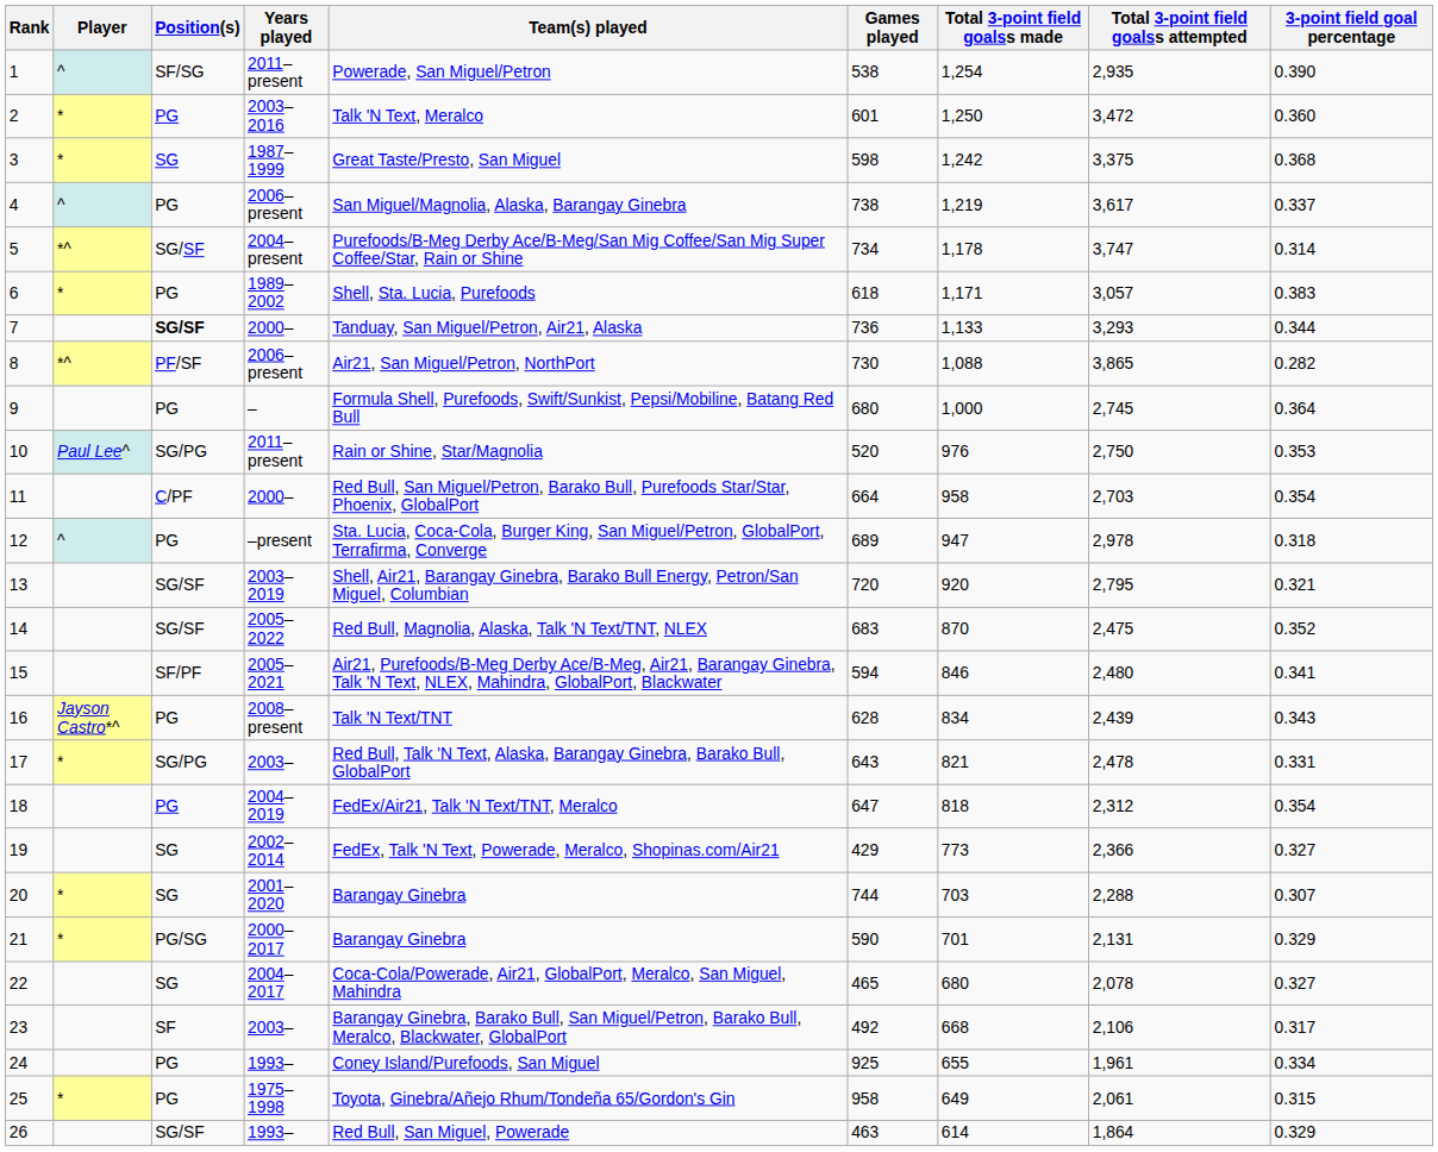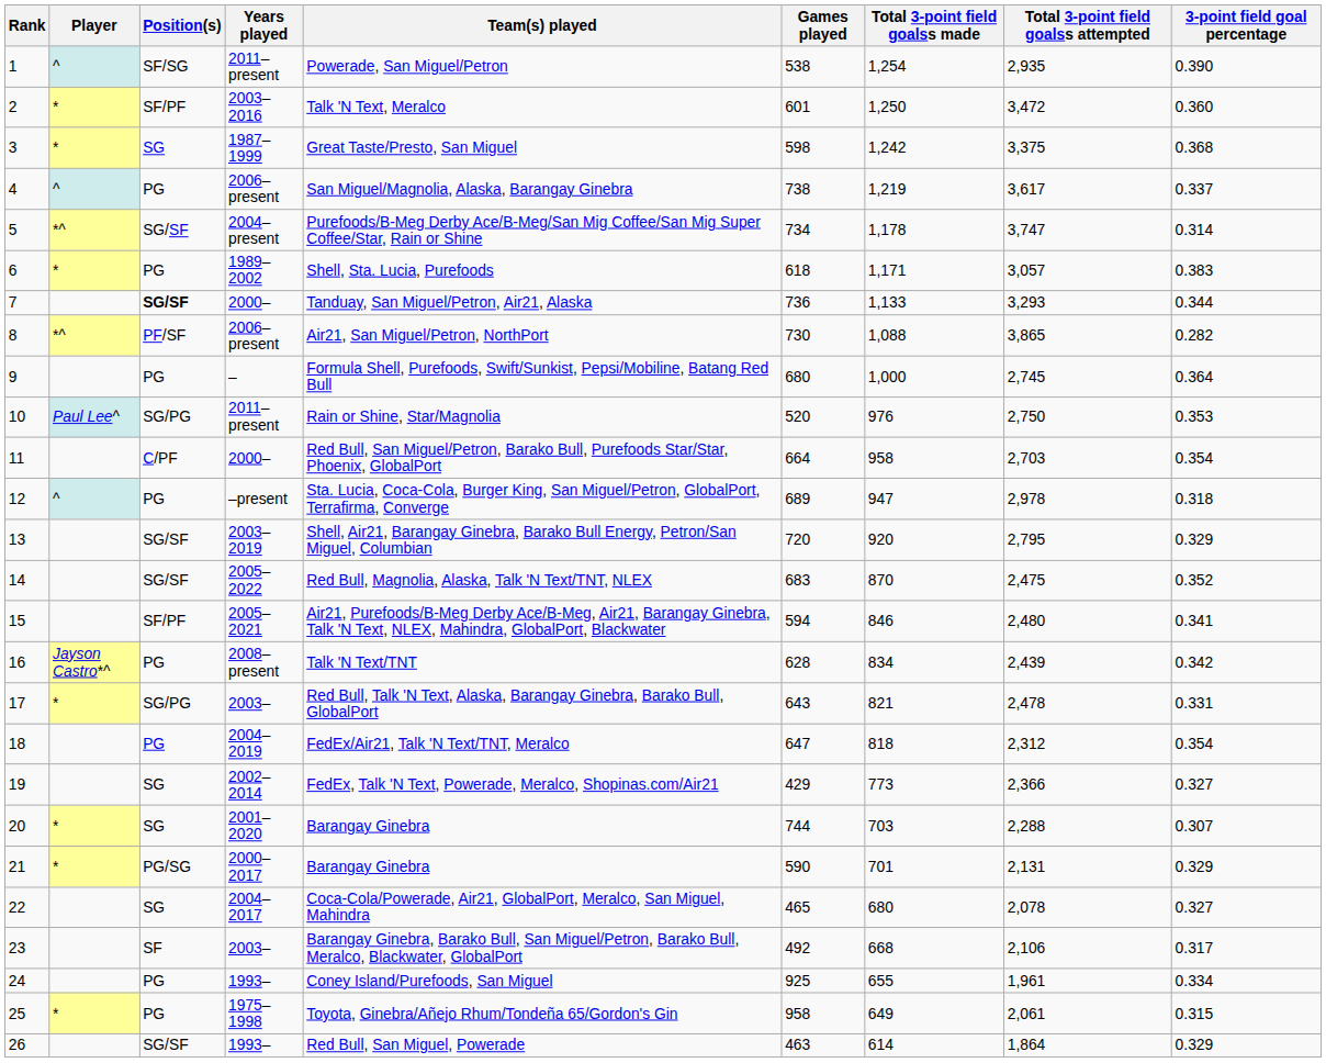 <table class="wikitable sortable" style="font-size: 90%;">
 <tr>
 <th>Rank</th>
 <th>Player</th>
 <th><a href='#'>Position</a>(s)</th>
 <th>Years played</th>
 <th class="unsortable">Team(s) played</th>
 <th>Games played</th>
 <th>Total <a href='#'>3-point field goals</a>s made</th>
 <th>Total <a href='#'>3-point field goals</a>s attempted</th>
 <th><a href='#'>3-point field goal</a> percentage</th>
 </tr>
 <tr>
 <td>1</td>
 <td bgcolor="#CFECEC"><em></em>^</td>
 <td>SF/SG</td>
 <td><a href='#'>2011</a>–present</td>
 <td><a href='#'>Powerade</a>, <a href='#'>San Miguel/Petron</a></td>
 <td>538</td>
 <td>1,254</td>
 <td>2,935</td>
 <td>0.390</td>
 </tr>
 <tr>
 <td>2</td>
 <td style="background:#FFFF99">*</td>
-<td><a href='#'>PG</a></td>
+<td>SF/PF</td>
 <td><a href='#'>2003</a>–<a href='#'>2016</a></td>
 <td><a href='#'>Talk 'N Text</a>, <a href='#'>Meralco</a></td>
 <td>601</td>
 <td>1,250</td>
 <td>3,472</td>
 <td>0.360</td>
 </tr>
 <tr>
 <td>3</td>
 <td bgcolor="#FFFF99">*</td>
 <td><a href='#'>SG</a></td>
 <td><a href='#'>1987</a>–<a href='#'>1999</a></td>
 <td><a href='#'>Great Taste/Presto</a>, <a href='#'>San Miguel</a></td>
 <td>598</td>
 <td>1,242</td>
 <td>3,375</td>
 <td>0.368</td>
 </tr>
 <tr>
 <td>4</td>
 <td bgcolor="CFECEC"><em></em>^</td>
 <td>PG</td>
 <td><a href='#'>2006</a>–present</td>
 <td><a href='#'>San Miguel/Magnolia</a>, <a href='#'>Alaska</a>, <a href='#'>Barangay Ginebra</a></td>
 <td>738</td>
 <td>1,219</td>
 <td>3,617</td>
 <td>0.337</td>
 </tr>
 <tr>
 <td>5</td>
 <td style="background:#FFFF99"><em></em>*^</td>
 <td>SG/<a href='#'>SF</a></td>
 <td><a href='#'>2004</a>–present</td>
 <td><a href='#'>Purefoods/B-Meg Derby Ace/B-Meg/San Mig Coffee/San Mig Super Coffee/Star</a>, <a href='#'>Rain or Shine</a></td>
 <td>734</td>
 <td>1,178</td>
 <td>3,747</td>
 <td>0.314</td>
 </tr>
 <tr>
 <td>6</td>
 <td bgcolor="#FFFF99">*</td>
 <td>PG</td>
 <td><a href='#'>1989</a>–<a href='#'>2002</a></td>
 <td><a href='#'>Shell</a>, <a href='#'>Sta. Lucia</a>, <a href='#'>Purefoods</a></td>
 <td>618</td>
 <td>1,171</td>
 <td>3,057</td>
 <td>0.383</td>
 </tr>
 <tr>
 <td>7</td>
 <td></td>
 <td><strong>SG/SF</strong></td>
 <td><a href='#'>2000</a>–</td>
 <td><a href='#'>Tanduay</a>, <a href='#'>San Miguel/Petron</a>, <a href='#'>Air21</a>, <a href='#'>Alaska</a></td>
 <td>736</td>
 <td>1,133</td>
 <td>3,293</td>
 <td>0.344</td>
 </tr>
 <tr>
 <td>8</td>
 <td style="background:#FFFF99"><em></em>*^</td>
 <td><a href='#'>PF</a>/SF</td>
 <td><a href='#'>2006</a>–present</td>
 <td><a href='#'>Air21</a>, <a href='#'>San Miguel/Petron</a>, <a href='#'>NorthPort</a></td>
 <td>730</td>
 <td>1,088</td>
 <td>3,865</td>
 <td>0.282</td>
 </tr>
 <tr>
 <td>9</td>
 <td></td>
 <td>PG</td>
 <td>–</td>
 <td><a href='#'>Formula Shell</a>, <a href='#'>Purefoods</a>, <a href='#'>Swift/Sunkist</a>, <a href='#'>Pepsi/Mobiline</a>, <a href='#'>Batang Red Bull</a></td>
 <td>680</td>
 <td>1,000</td>
 <td>2,745</td>
 <td>0.364</td>
 </tr>
 <tr>
 <td>10</td>
 <td bgcolor="#CFECEC"><em><a href='#'>Paul Lee</a></em>^</td>
 <td>SG/PG</td>
 <td><a href='#'>2011</a>–present</td>
 <td><a href='#'>Rain or Shine</a>, <a href='#'>Star/Magnolia</a></td>
 <td>520</td>
 <td>976</td>
 <td>2,750</td>
 <td>0.353</td>
 </tr>
 <tr>
 <td>11</td>
 <td></td>
 <td><a href='#'>C</a>/PF</td>
 <td><a href='#'>2000</a>–</td>
 <td><a href='#'>Red Bull</a>, <a href='#'>San Miguel/Petron</a>, <a href='#'>Barako Bull</a>, <a href='#'>Purefoods Star/Star</a>, <a href='#'>Phoenix</a>, <a href='#'>GlobalPort</a></td>
 <td>664</td>
 <td>958</td>
 <td>2,703</td>
 <td>0.354</td>
 </tr>
 <tr>
 <td>12</td>
 <td bgcolor="#CFECEC"><em></em>^</td>
 <td>PG</td>
 <td>–present</td>
 <td><a href='#'>Sta. Lucia</a>, <a href='#'>Coca-Cola</a>, <a href='#'>Burger King</a>, <a href='#'>San Miguel/Petron</a>, <a href='#'>GlobalPort</a>, <a href='#'>Terrafirma</a>, <a href='#'>Converge</a></td>
 <td>689</td>
 <td>947</td>
 <td>2,978</td>
 <td>0.318</td>
 </tr>
 <tr>
 <td>13</td>
 <td></td>
 <td>SG/SF</td>
 <td><a href='#'>2003</a>–<a href='#'>2019</a></td>
 <td><a href='#'>Shell</a>, <a href='#'>Air21</a>, <a href='#'>Barangay Ginebra</a>, <a href='#'>Barako Bull Energy</a>, <a href='#'>Petron/San Miguel</a>, <a href='#'>Columbian</a></td>
 <td>720</td>
 <td>920</td>
 <td>2,795</td>
-<td>0.321</td>
+<td>0.329</td>
 </tr>
 <tr>
 <td>14</td>
 <td></td>
 <td>SG/SF</td>
 <td><a href='#'>2005</a>–<a href='#'>2022</a></td>
 <td><a href='#'>Red Bull</a>, <a href='#'>Magnolia</a>, <a href='#'>Alaska</a>, <a href='#'>Talk 'N Text/TNT</a>, <a href='#'>NLEX</a></td>
 <td>683</td>
 <td>870</td>
 <td>2,475</td>
 <td>0.352</td>
 </tr>
 <tr>
 <td>15</td>
 <td></td>
 <td>SF/PF</td>
 <td><a href='#'>2005</a>–<a href='#'>2021</a></td>
 <td><a href='#'>Air21</a>, <a href='#'>Purefoods/B-Meg Derby Ace/B-Meg</a>, <a href='#'>Air21</a>, <a href='#'>Barangay Ginebra</a>, <a href='#'>Talk 'N Text</a>, <a href='#'>NLEX</a>, <a href='#'>Mahindra</a>, <a href='#'>GlobalPort</a>, <a href='#'>Blackwater</a></td>
 <td>594</td>
 <td>846</td>
 <td>2,480</td>
 <td>0.341</td>
 </tr>
 <tr>
 <td>16</td>
 <td style="background:#FFFF99"><em><a href='#'>Jayson Castro</a></em>*^</td>
 <td>PG</td>
 <td><a href='#'>2008</a>–present</td>
 <td><a href='#'>Talk 'N Text/TNT</a></td>
 <td>628</td>
 <td>834</td>
 <td>2,439</td>
-<td>0.343</td>
+<td>0.342</td>
 </tr>
 <tr>
 <td>17</td>
 <td style="background:#FFFF99">*</td>
 <td>SG/PG</td>
 <td><a href='#'>2003</a>–</td>
 <td><a href='#'>Red Bull</a>, <a href='#'>Talk 'N Text</a>, <a href='#'>Alaska</a>, <a href='#'>Barangay Ginebra</a>, <a href='#'>Barako Bull</a>, <a href='#'>GlobalPort</a></td>
 <td>643</td>
 <td>821</td>
 <td>2,478</td>
 <td>0.331</td>
 </tr>
 <tr>
 <td>18</td>
 <td></td>
 <td><a href='#'>PG</a></td>
 <td><a href='#'>2004</a>–<a href='#'>2019</a></td>
 <td><a href='#'>FedEx/Air21</a>, <a href='#'>Talk 'N Text/TNT</a>, <a href='#'>Meralco</a></td>
 <td>647</td>
 <td>818</td>
 <td>2,312</td>
 <td>0.354</td>
 </tr>
 <tr>
 <td>19</td>
 <td></td>
 <td>SG</td>
 <td><a href='#'>2002</a>–<a href='#'>2014</a></td>
 <td><a href='#'>FedEx</a>, <a href='#'>Talk 'N Text</a>, <a href='#'>Powerade</a>, <a href='#'>Meralco</a>, <a href='#'>Shopinas.com/Air21</a></td>
 <td>429</td>
 <td>773</td>
 <td>2,366</td>
 <td>0.327</td>
 </tr>
 <tr>
 <td>20</td>
 <td style="background:#FFFF99">*</td>
 <td>SG</td>
 <td><a href='#'>2001</a>–<a href='#'>2020</a></td>
 <td><a href='#'>Barangay Ginebra</a></td>
 <td>744</td>
 <td>703</td>
 <td>2,288</td>
 <td>0.307</td>
 </tr>
 <tr>
 <td>21</td>
 <td style="background:#FFFF99">*</td>
 <td>PG/SG</td>
 <td><a href='#'>2000</a>–<a href='#'>2017</a></td>
 <td><a href='#'>Barangay Ginebra</a></td>
 <td>590</td>
 <td>701</td>
 <td>2,131</td>
 <td>0.329</td>
 </tr>
 <tr>
 <td>22</td>
 <td></td>
 <td>SG</td>
 <td><a href='#'>2004</a>–<a href='#'>2017</a></td>
 <td><a href='#'>Coca-Cola/Powerade</a>, <a href='#'>Air21</a>, <a href='#'>GlobalPort</a>, <a href='#'>Meralco</a>, <a href='#'>San Miguel</a>, <a href='#'>Mahindra</a></td>
 <td>465</td>
 <td>680</td>
 <td>2,078</td>
 <td>0.327</td>
 </tr>
 <tr>
 <td>23</td>
 <td></td>
 <td>SF</td>
 <td><a href='#'>2003</a>–</td>
 <td><a href='#'>Barangay Ginebra</a>, <a href='#'>Barako Bull</a>, <a href='#'>San Miguel/Petron</a>, <a href='#'>Barako Bull</a>, <a href='#'>Meralco</a>, <a href='#'>Blackwater</a>, <a href='#'>GlobalPort</a></td>
 <td>492</td>
 <td>668</td>
 <td>2,106</td>
 <td>0.317</td>
 </tr>
 <tr>
 <td>24</td>
 <td></td>
 <td>PG</td>
 <td><a href='#'>1993</a>–</td>
 <td><a href='#'>Coney Island/Purefoods</a>, <a href='#'>San Miguel</a></td>
 <td>925</td>
 <td>655</td>
 <td>1,961</td>
 <td>0.334</td>
 </tr>
 <tr>
 <td>25</td>
 <td style="background:#FFFF99">*</td>
 <td>PG</td>
 <td><a href='#'>1975</a>–<a href='#'>1998</a></td>
 <td><a href='#'>Toyota</a>, <a href='#'>Ginebra/Añejo Rhum/Tondeña 65/Gordon's Gin</a></td>
 <td>958</td>
 <td>649</td>
 <td>2,061</td>
 <td>0.315</td>
 </tr>
 <tr>
 <td>26</td>
 <td></td>
 <td>SG/SF</td>
 <td><a href='#'>1993</a>–</td>
 <td><a href='#'>Red Bull</a>, <a href='#'>San Miguel</a>, <a href='#'>Powerade</a></td>
 <td>463</td>
 <td>614</td>
 <td>1,864</td>
 <td>0.329</td>
 </tr>
 </table>
